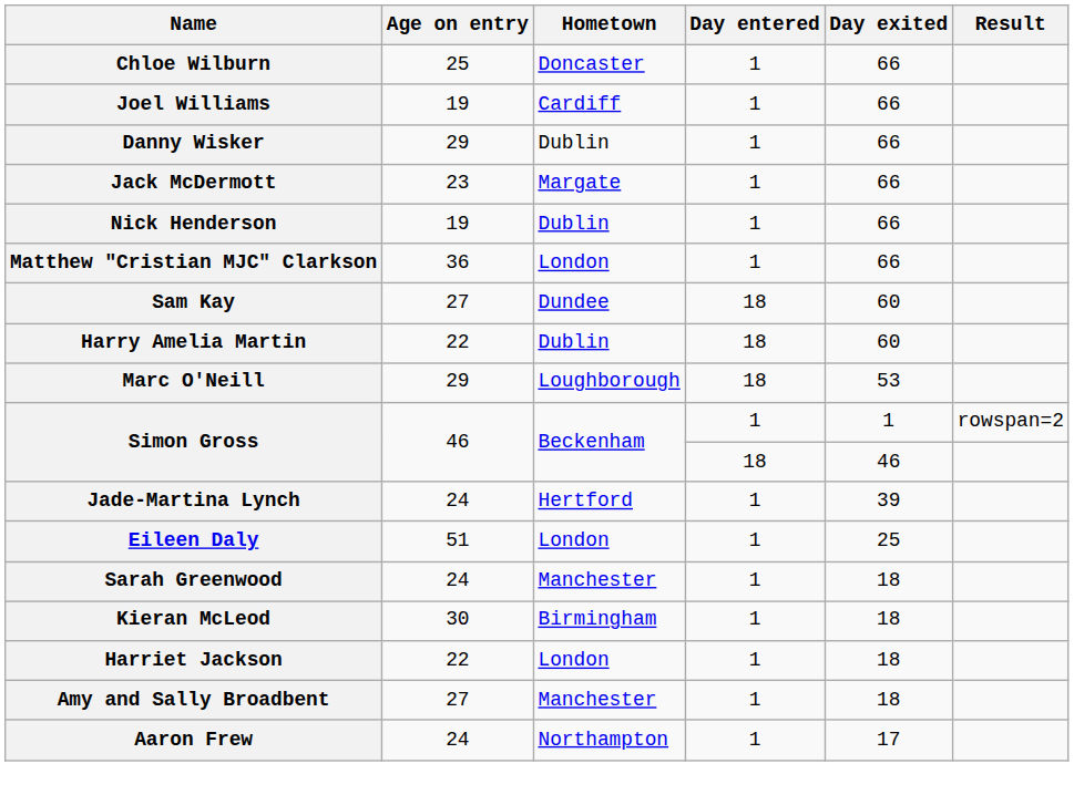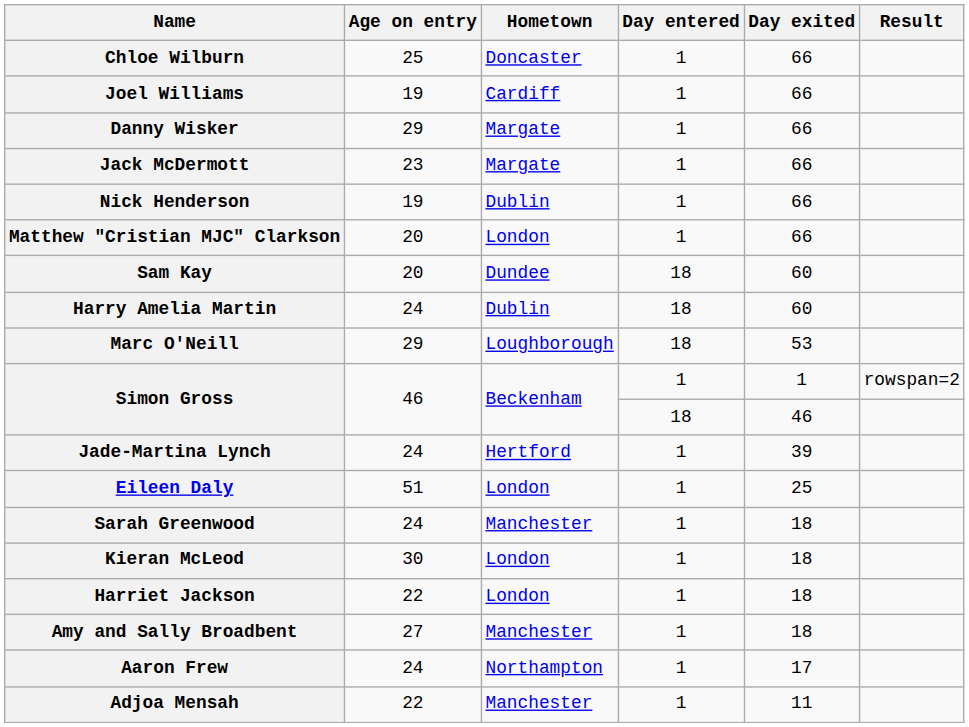 <table class="wikitable sortable" style="text-align:left; line-height:20px; width:auto;">
 <tr>
 <th scope="col">Name</th>
 <th scope="col">Age on entry</th>
 <th scope="col">Hometown</th>
 <th scope="col">Day entered</th>
 <th scope="col">Day exited</th>
 <th scope="col">Result</th>
 </tr>
 <tr>
 <th scope="row">Chloe Wilburn</th>
 <td align="center">25</td>
 <td><a href='#'>Doncaster</a></td>
 <td align="center">1</td>
 <td align="center">66</td>
 <td></td>
 </tr>
 <tr>
 <th scope="row">Joel Williams</th>
 <td align="center">19</td>
 <td><a href='#'>Cardiff</a></td>
 <td align="center">1</td>
 <td align="center">66</td>
 <td></td>
 </tr>
 <tr>
 <th scope="row">Danny Wisker</th>
 <td align="center">29</td>
-<td>Dublin</td>
+<td><a href='#'>Margate</a></td>
 <td align="center">1</td>
 <td align="center">66</td>
 <td></td>
 </tr>
 <tr>
 <th scope="row">Jack McDermott</th>
 <td align="center">23</td>
 <td><a href='#'>Margate</a></td>
 <td align="center">1</td>
 <td align="center">66</td>
 <td></td>
 </tr>
 <tr>
 <th scope="row">Nick Henderson</th>
 <td align="center">19</td>
 <td><a href='#'>Dublin</a></td>
 <td align="center">1</td>
 <td align="center">66</td>
 <td></td>
 </tr>
 <tr>
 <th scope="row">Matthew "Cristian MJC" Clarkson</th>
-<td align="center">36</td>
+<td align="center">20</td>
 <td><a href='#'>London</a></td>
 <td align="center">1</td>
 <td align="center">66</td>
 <td></td>
 </tr>
 <tr>
 <th scope="row">Sam Kay</th>
-<td align="center">27</td>
+<td align="center">20</td>
 <td><a href='#'>Dundee</a></td>
 <td align="center">18</td>
 <td align="center">60</td>
 <td></td>
 </tr>
 <tr>
 <th scope="row">Harry Amelia Martin</th>
-<td align="center">22</td>
+<td align="center">24</td>
 <td><a href='#'>Dublin</a></td>
 <td align="center">18</td>
 <td align="center">60</td>
 <td></td>
 </tr>
 <tr>
 <th scope="row">Marc O'Neill</th>
 <td align="center">29</td>
 <td><a href='#'>Loughborough</a></td>
 <td align="center">18</td>
 <td align="center">53</td>
 <td></td>
 </tr>
 <tr>
 <th rowspan=2 scope="row">Simon Gross</th>
 <td rowspan=2 align="center">46</td>
 <td rowspan=2><a href='#'>Beckenham</a></td>
 <td align="center">1</td>
 <td align="center">1</td>
 <td>rowspan=2 </td>
 </tr>
 <tr>
 <td align="center">18</td>
 <td align="center">46</td>
 </tr>
 <tr>
 <th scope="row">Jade-Martina Lynch</th>
 <td align="center">24</td>
 <td><a href='#'>Hertford</a></td>
 <td align="center">1</td>
 <td align="center">39</td>
 <td></td>
 </tr>
 <tr>
 <th scope="row"><a href='#'>Eileen Daly</a></th>
 <td align="center">51</td>
 <td><a href='#'>London</a></td>
 <td align="center">1</td>
 <td align="center">25</td>
 <td></td>
 </tr>
 <tr>
 <th scope="row">Sarah Greenwood</th>
 <td align="center">24</td>
 <td><a href='#'>Manchester</a></td>
 <td align="center">1</td>
 <td align="center">18</td>
 <td></td>
 </tr>
 <tr>
 <th scope="row">Kieran McLeod</th>
 <td align="center">30</td>
-<td><a href='#'>Birmingham</a></td>
+<td><a href='#'>London</a></td>
 <td align="center">1</td>
 <td align="center">18</td>
 <td></td>
 </tr>
 <tr>
 <th scope="row">Harriet Jackson</th>
 <td align="center">22</td>
 <td><a href='#'>London</a></td>
 <td align="center">1</td>
 <td align="center">18</td>
 <td></td>
 </tr>
 <tr>
 <th scope="row">Amy and Sally Broadbent</th>
 <td align="center">27</td>
 <td><a href='#'>Manchester</a></td>
 <td align="center">1</td>
 <td align="center">18</td>
 <td></td>
 </tr>
 <tr>
 <th scope="row">Aaron Frew</th>
 <td align="center">24</td>
 <td><a href='#'>Northampton</a></td>
 <td align="center">1</td>
 <td align="center">17</td>
 <td></td>
 </tr>
+<tr>
+<th scope="row">Adjoa Mensah</th>
+<td align="center">22</td>
+<td><a href='#'>Manchester</a></td>
+<td align="center">1</td>
+<td align="center">11</td>
+<td></td>
+</tr>
 </table>
